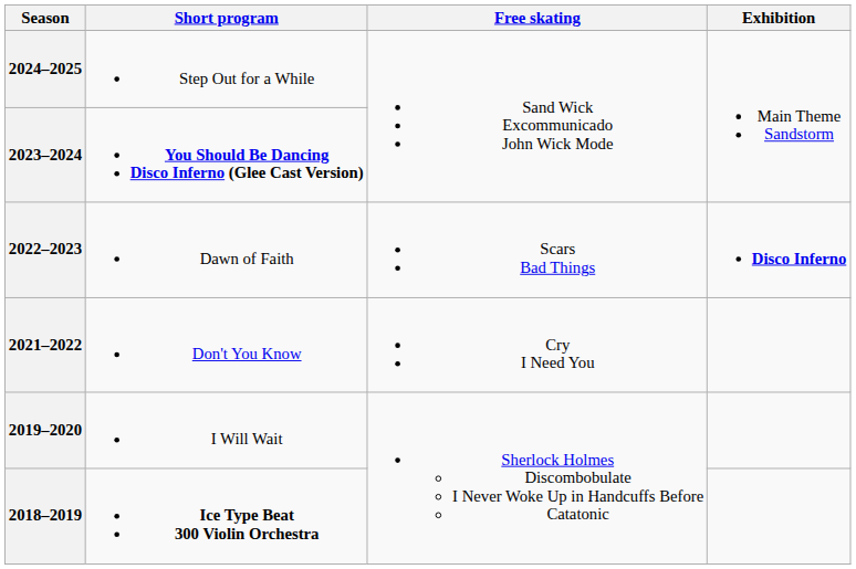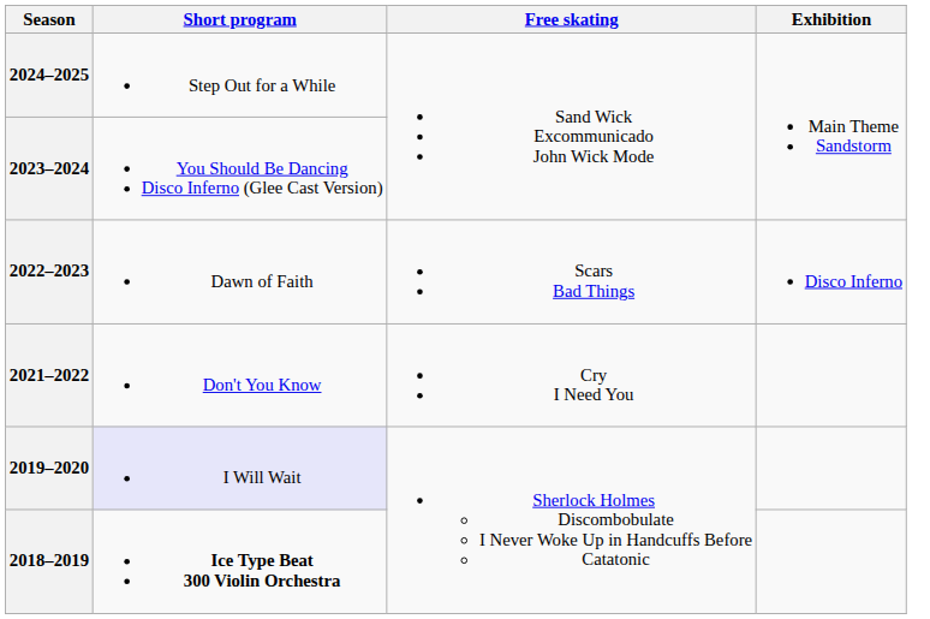 <table class="wikitable" style="text-align:center">
 <tr>
 <th>Season</th>
 <th><a href='#'>Short program</a></th>
 <th><a href='#'>Free skating</a></th>
 <th>Exhibition</th>
 </tr>
 <tr>
 <th>2024–2025 <br> </th>
 <td><br><ul><li>Step Out for a While <br> </li></ul></td>
 <td rowspan=2><br><ul><li>Sand Wick <br></li><li>Excommunicado <br></li><li>John Wick Mode <br></li></ul></td>
 <td rowspan=2><br><ul><li>Main Theme <br></li><li><a href='#'>Sandstorm</a> <br></li></ul></td>
 </tr>
 <tr>
 <th>2023–2024<br></th>
-<td><strong><br><ul><li><a href='#'>You Should Be Dancing</a> <br></li><li><a href='#'>Disco Inferno</a> (Glee Cast Version) <br></li></ul></strong></td>
+<td><br><ul><li><a href='#'>You Should Be Dancing</a> <br></li><li><a href='#'>Disco Inferno</a> (Glee Cast Version) <br></li></ul></td>
 </tr>
 <tr>
 <th>2022–2023<br></th>
 <td><br><ul><li>Dawn of Faith <br></li></ul></td>
 <td><br><ul><li>Scars <br></li><li><a href='#'>Bad Things</a><br></li></ul></td>
-<td><strong><br><ul><li><a href='#'>Disco Inferno</a><br></li></ul></strong></td>
+<td><br><ul><li><a href='#'>Disco Inferno</a><br></li></ul></td>
 </tr>
 <tr>
 <th>2021–2022<br></th>
 <td><br><ul><li><a href='#'>Don't You Know</a> <br></li></ul></td>
 <td><br><ul><li>Cry <br></li><li>I Need You <br></li></ul></td>
 <td></td>
 </tr>
 <tr>
 <th>2019–2020 <br></th>
-<td><br><ul><li>I Will Wait <br></li></ul></td>
+<td style="background: lavender;"><br><ul><li>I Will Wait <br></li></ul></td>
 <td rowspan="2"><br><ul><li><a href='#'>Sherlock Holmes</a> <br><ul><li>Discombobulate</li><li>I Never Woke Up in Handcuffs Before</li><li>Catatonic</li></ul></li></ul></td>
 <td></td>
 </tr>
 <tr>
 <th>2018–2019 <br></th>
 <td><strong><br><ul><li>Ice Type Beat <br></li><li>300 Violin Orchestra <br></li></ul></strong></td>
 <td></td>
 </tr>
 </table>
